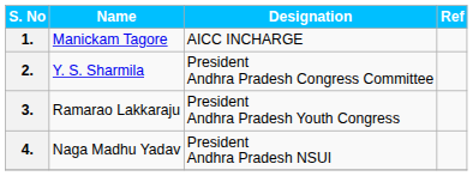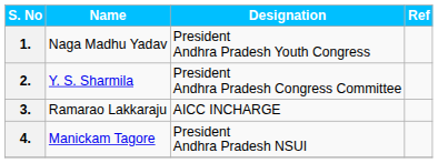 <table class="wikitable sortable">
 <tr>
 <th style="background-color:#00BFFF; color:white">S. No</th>
 <th style="background-color:#00BFFF; color:white">Name</th>
 <th style="background-color:#00BFFF; color:white">Designation</th>
 <th style="background-color:#00BFFF; color:white">Ref</th>
 </tr>
 <tr>
 <th>1.</th>
-<td><a href='#'>Manickam Tagore</a></td>
-<td>AICC INCHARGE</td>
+<td>Naga Madhu Yadav</td>
+<td>President<br>Andhra Pradesh Youth Congress</td>
 <td></td>
 </tr>
 <tr>
 <th>2.</th>
 <td><a href='#'>Y. S. Sharmila</a></td>
 <td>President<br>Andhra Pradesh Congress Committee</td>
 <td></td>
 </tr>
 <tr>
 <th>3.</th>
 <td>Ramarao Lakkaraju</td>
-<td>President<br>Andhra Pradesh Youth Congress</td>
+<td>AICC INCHARGE</td>
 <td></td>
 </tr>
 <tr>
 <th>4.</th>
-<td>Naga Madhu Yadav</td>
+<td><a href='#'>Manickam Tagore</a></td>
 <td>President<br>Andhra Pradesh NSUI</td>
 <td></td>
 </tr>
 <tr>
 </tr>
 </table>
